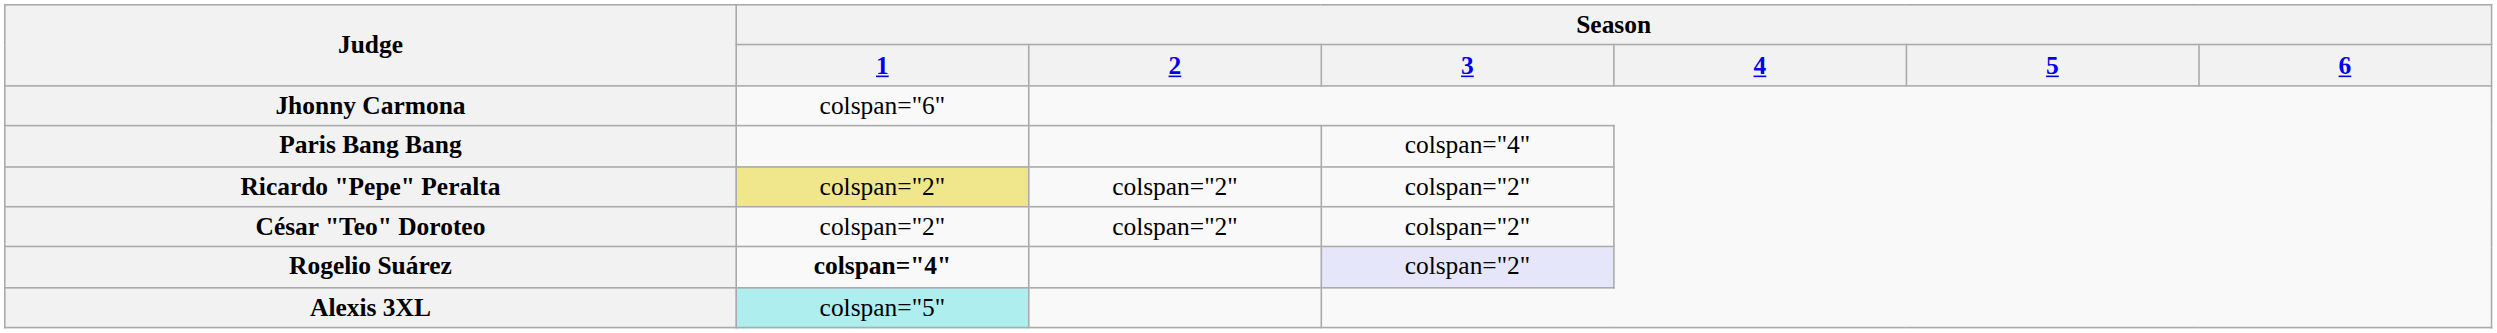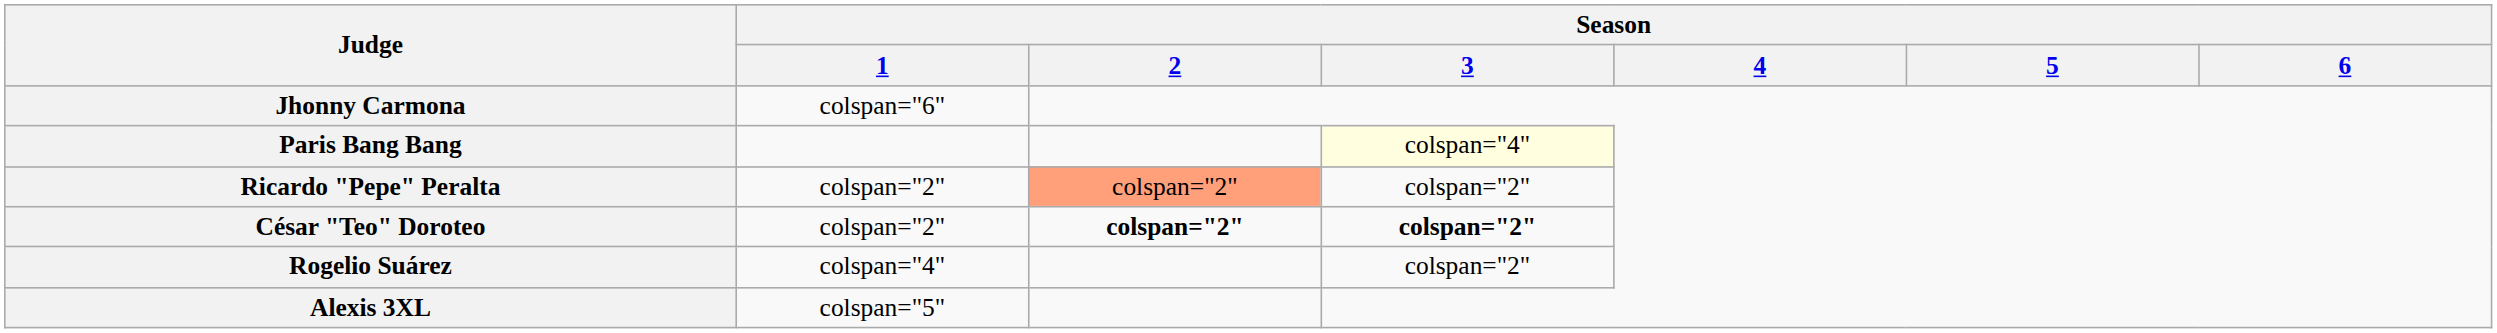 <table class="wikitable plainrowheaders" style="text-align:center">
 <tr>
 <th rowspan="2" style="width:15%;" scope="col">Judge</th>
 <th colspan="6">Season</th>
 </tr>
 <tr>
 <th style="width:6%;" scope="colspan"><a href='#'>1</a></th>
 <th style="width:6%;" scope="colspan"><a href='#'>2</a></th>
 <th style="width:6%;" scope="colspan"><a href='#'>3</a></th>
 <th style="width:6%;" scope="colspan"><a href='#'>4</a></th>
 <th style="width:6%;" scope="colspan"><a href='#'>5</a></th>
 <th style="width:6%;" scope="colspan"><a href='#'>6</a></th>
 </tr>
 <tr>
 <th scope="row" style="text-align: center;">Jhonny Carmona</th>
 <td>colspan="6" </td>
 </tr>
 <tr>
 <th scope="row" style="text-align: center;">Paris Bang Bang</th>
 <td></td>
 <td></td>
-<td>colspan="4" </td>
+<td style="background: lightyellow;">colspan="4" </td>
 </tr>
 <tr>
 <th scope="row" style="text-align: center;">Ricardo "Pepe" Peralta</th>
-<td style="background: khaki;">colspan="2" </td>
 <td>colspan="2" </td>
+<td style="background: lightsalmon;">colspan="2" </td>
 <td>colspan="2" </td>
 </tr>
 <tr>
 <th scope="row" style="text-align: center;">César "Teo" Doroteo</th>
 <td>colspan="2" </td>
-<td>colspan="2" </td>
+<td><strong>colspan="2" </strong></td>
+<td><strong>colspan="2" </strong></td>
+</tr>
+<tr>
+<th scope="row" style="text-align: center;">Rogelio Suárez</th>
+<td>colspan="4" </td>
+<td></td>
 <td>colspan="2" </td>
 </tr>
 <tr>
-<th scope="row" style="text-align: center;">Rogelio Suárez</th>
-<td><strong>colspan="4" </strong></td>
-<td></td>
-<td style="background: lavender;">colspan="2" </td>
-</tr>
-<tr>
 <th scope="row" style="text-align: center;">Alexis 3XL</th>
-<td style="background: paleturquoise;">colspan="5" </td>
+<td>colspan="5" </td>
 <td></td>
 </tr>
 </table>
